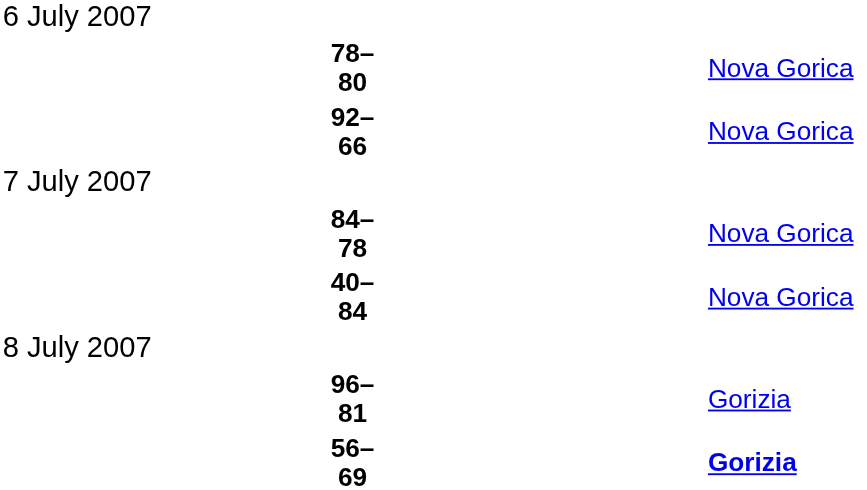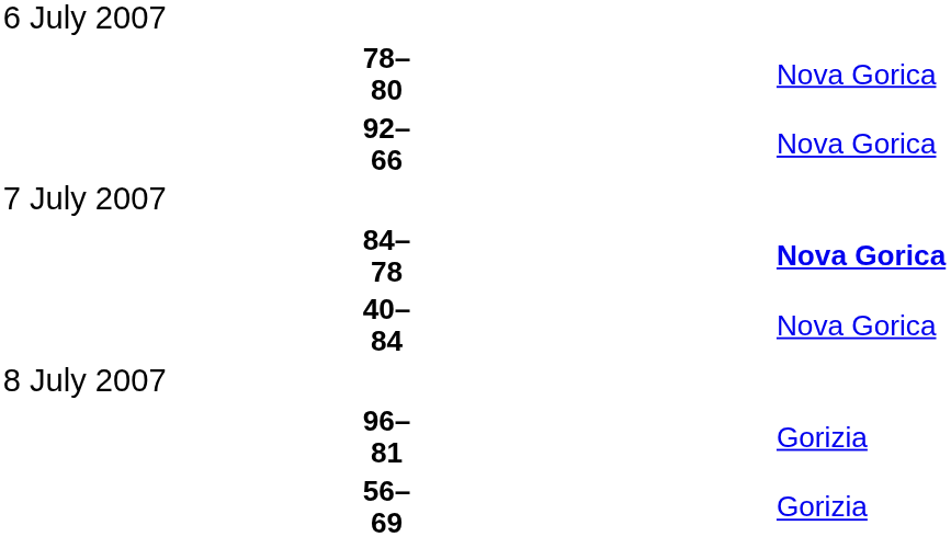 <table style="width:100%;" cellspacing="1">
 <tr>
 <th width=25%></th>
 <th width=3%></th>
 <th width=6%></th>
 <th width=3%></th>
 <th width=25%></th>
 </tr>
 <tr>
 <td>6 July 2007</td>
 </tr>
 <tr style=font-size:90%>
 <td align=right><strong></strong></td>
 <td></td>
 <td align=center><strong>78–80</strong></td>
 <td></td>
 <td><strong></strong></td>
 <td><a href='#'>Nova Gorica</a></td>
 </tr>
 <tr style=font-size:90%>
 <td align=right><strong></strong></td>
 <td></td>
 <td align=center><strong>92–66</strong></td>
 <td></td>
 <td><strong></strong></td>
 <td><a href='#'>Nova Gorica</a></td>
 </tr>
 <tr>
 <td>7 July 2007</td>
 </tr>
 <tr style=font-size:90%>
 <td align=right><strong></strong></td>
 <td></td>
 <td align=center><strong>84–78</strong></td>
 <td></td>
 <td><strong></strong></td>
-<td><a href='#'>Nova Gorica</a></td>
+<td><strong><a href='#'>Nova Gorica</a></strong></td>
 </tr>
 <tr style=font-size:90%>
 <td align=right><strong></strong></td>
 <td></td>
 <td align=center><strong>40–84</strong></td>
 <td></td>
 <td><strong></strong></td>
 <td><a href='#'>Nova Gorica</a></td>
 </tr>
 <tr>
 <td>8 July 2007</td>
 </tr>
 <tr style=font-size:90%>
 <td align=right><strong></strong></td>
 <td></td>
 <td align=center><strong>96–81</strong></td>
 <td></td>
 <td><strong></strong></td>
 <td><a href='#'>Gorizia</a></td>
 </tr>
 <tr style=font-size:90%>
 <td align=right><strong></strong></td>
 <td></td>
 <td align=center><strong>56–69</strong></td>
 <td></td>
 <td><strong></strong></td>
-<td><strong><a href='#'>Gorizia</a></strong></td>
+<td><a href='#'>Gorizia</a></td>
 </tr>
 </table>
